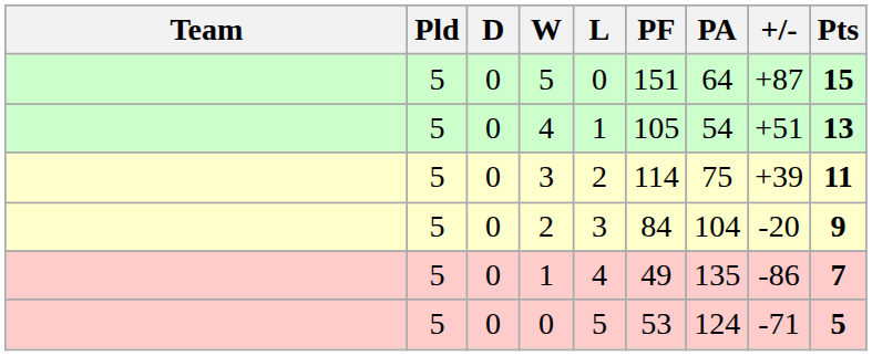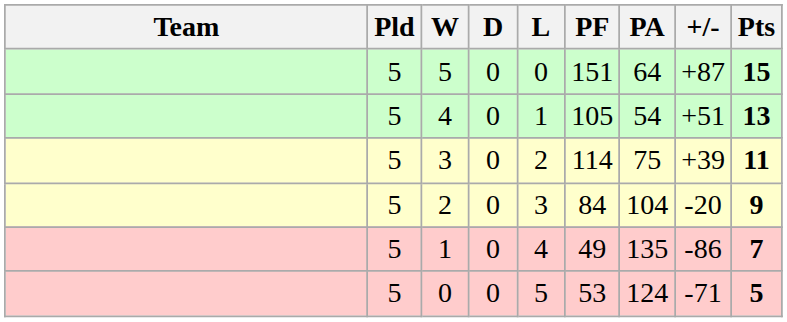 <table class="wikitable" border="1" style="text-align: center;">
 <tr>
 <th width="200">Team</th>
 <th width="20">Pld</th>
+<th width="20">W</th>
 <th width="20">D</th>
-<th width="20">W</th>
 <th width="20">L</th>
 <th width="20">PF</th>
 <th width="20">PA</th>
 <th width="25">+/-</th>
 <th width="20">Pts</th>
 </tr>
 <tr style="background:#cfc;">
 <td align=left></td>
 <td>5</td>
+<td>5</td>
 <td>0</td>
-<td>5</td>
 <td>0</td>
 <td>151</td>
 <td>64</td>
 <td>+87</td>
 <td><strong>15</strong></td>
 </tr>
 <tr style="background:#cfc;">
 <td align=left></td>
 <td>5</td>
+<td>4</td>
 <td>0</td>
-<td>4</td>
 <td>1</td>
 <td>105</td>
 <td>54</td>
 <td>+51</td>
 <td><strong>13</strong></td>
 </tr>
 <tr style="background:#ffc;">
 <td align=left></td>
 <td>5</td>
+<td>3</td>
 <td>0</td>
-<td>3</td>
 <td>2</td>
 <td>114</td>
 <td>75</td>
 <td>+39</td>
 <td><strong>11</strong></td>
 </tr>
 <tr style="background:#ffc;">
 <td align=left></td>
 <td>5</td>
+<td>2</td>
 <td>0</td>
-<td>2</td>
 <td>3</td>
 <td>84</td>
 <td>104</td>
 <td>-20</td>
 <td><strong>9</strong></td>
 </tr>
 <tr bgcolor="#ffcccc">
 <td align=left></td>
 <td>5</td>
+<td>1</td>
 <td>0</td>
-<td>1</td>
 <td>4</td>
 <td>49</td>
 <td>135</td>
 <td>-86</td>
 <td><strong>7</strong></td>
 </tr>
 <tr bgcolor="#ffcccc">
 <td align=left></td>
 <td>5</td>
 <td>0</td>
 <td>0</td>
 <td>5</td>
 <td>53</td>
 <td>124</td>
 <td>-71</td>
 <td><strong>5</strong></td>
 </tr>
 </table>
